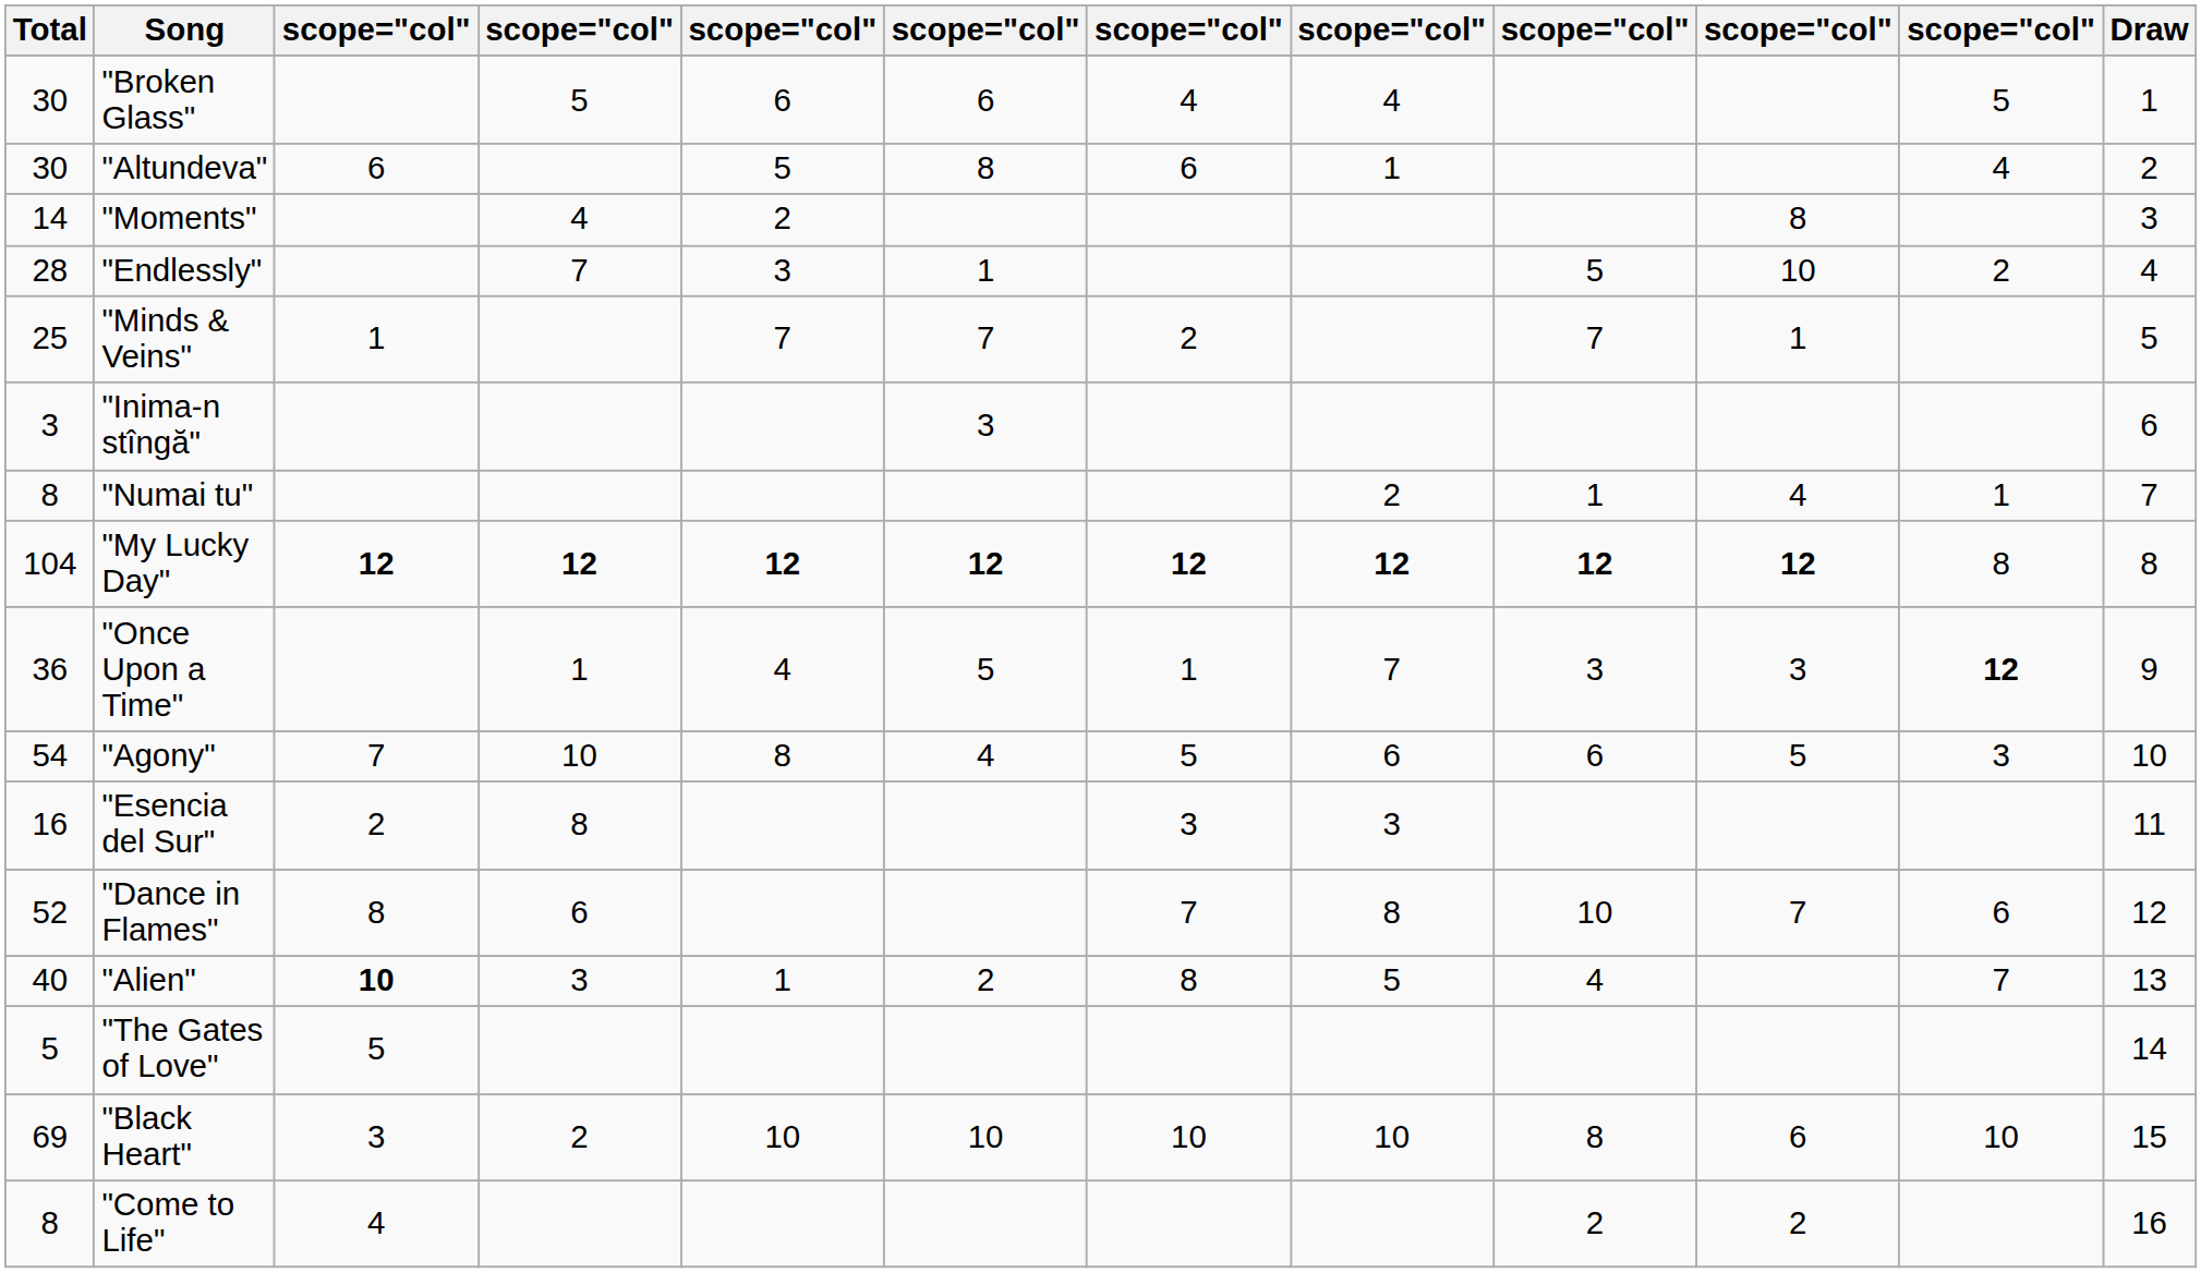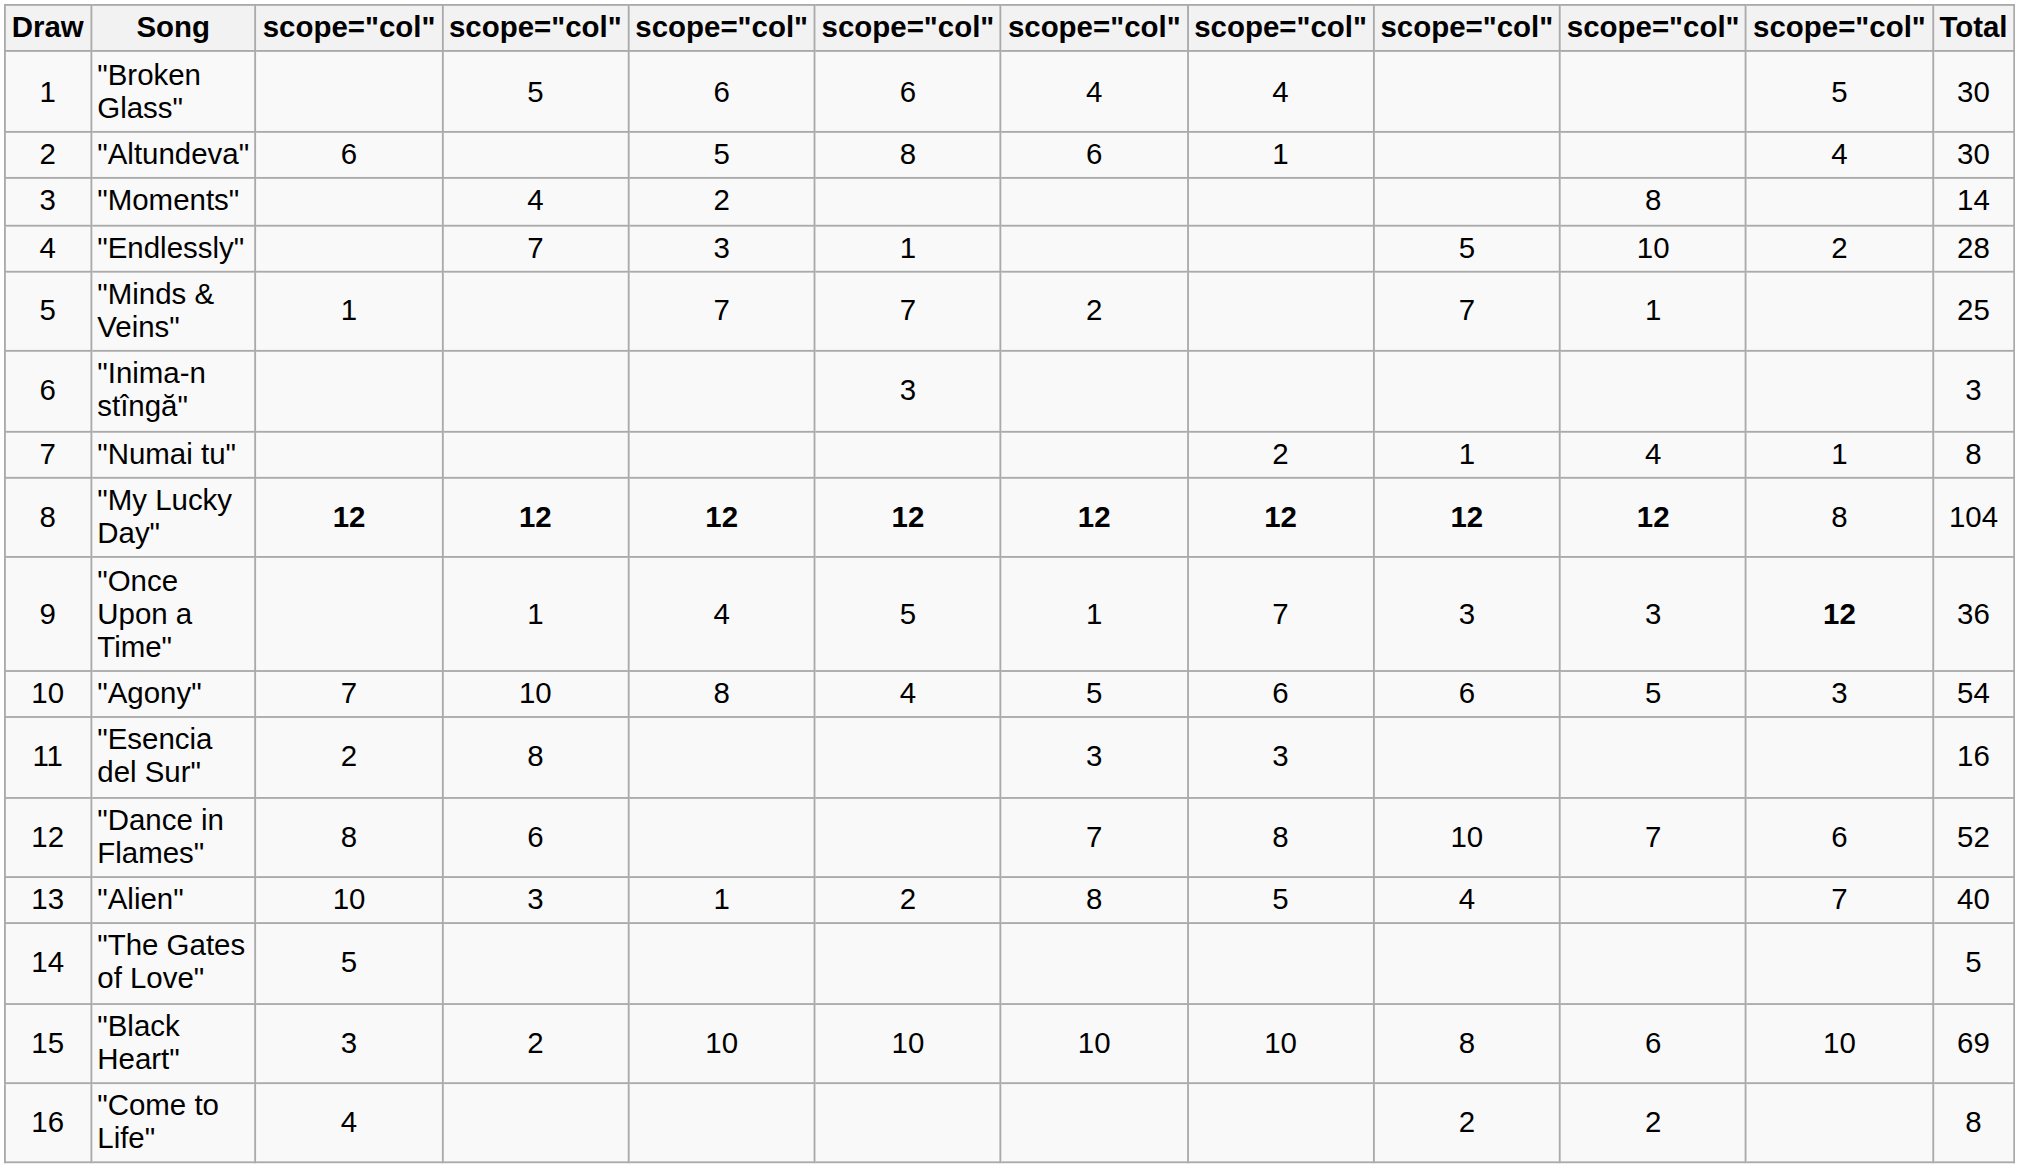 <table class="wikitable collapsible" style="margin: 1em auto 1em auto; text-align:center;">
 <tr>
-<th>Total</th>
+<th>Draw</th>
 <th>Song</th>
 <th>scope="col" </th>
 <th>scope="col" </th>
 <th>scope="col" </th>
 <th>scope="col" </th>
 <th>scope="col" </th>
 <th>scope="col" </th>
 <th>scope="col" </th>
 <th>scope="col" </th>
 <th>scope="col" </th>
-<th>Draw</th>
+<th>Total</th>
 </tr>
 <tr>
-<td>30</td>
+<td>1</td>
 <td align="left">"Broken Glass"</td>
 <td></td>
 <td>5</td>
 <td>6</td>
 <td>6</td>
 <td>4</td>
 <td>4</td>
 <td></td>
 <td></td>
 <td>5</td>
-<td>1</td>
+<td>30</td>
 </tr>
 <tr>
-<td>30</td>
+<td>2</td>
 <td align="left">"Altundeva"</td>
 <td>6</td>
 <td></td>
 <td>5</td>
 <td>8</td>
 <td>6</td>
 <td>1</td>
 <td></td>
 <td></td>
 <td>4</td>
-<td>2</td>
+<td>30</td>
 </tr>
 <tr>
-<td>14</td>
+<td>3</td>
 <td align="left">"Moments"</td>
 <td></td>
 <td>4</td>
 <td>2</td>
 <td></td>
 <td></td>
 <td></td>
 <td></td>
 <td>8</td>
 <td></td>
-<td>3</td>
+<td>14</td>
 </tr>
 <tr>
-<td>28</td>
+<td>4</td>
 <td align="left">"Endlessly"</td>
 <td></td>
 <td>7</td>
 <td>3</td>
 <td>1</td>
 <td></td>
 <td></td>
 <td>5</td>
 <td>10</td>
 <td>2</td>
-<td>4</td>
+<td>28</td>
 </tr>
 <tr>
-<td>25</td>
+<td>5</td>
 <td align="left">"Minds & Veins"</td>
 <td>1</td>
 <td></td>
 <td>7</td>
 <td>7</td>
 <td>2</td>
 <td></td>
 <td>7</td>
 <td>1</td>
 <td></td>
-<td>5</td>
+<td>25</td>
 </tr>
 <tr>
-<td>3</td>
+<td>6</td>
 <td align="left">"Inima-n stîngă"</td>
 <td></td>
 <td></td>
 <td></td>
 <td>3</td>
 <td></td>
 <td></td>
 <td></td>
 <td></td>
 <td></td>
-<td>6</td>
+<td>3</td>
 </tr>
 <tr>
-<td>8</td>
+<td>7</td>
 <td align="left">"Numai tu"</td>
 <td></td>
 <td></td>
 <td></td>
 <td></td>
 <td></td>
 <td>2</td>
 <td>1</td>
 <td>4</td>
 <td>1</td>
-<td>7</td>
+<td>8</td>
 </tr>
 <tr>
-<td>104</td>
+<td>8</td>
 <td align="left">"My Lucky Day"</td>
 <td><strong>12</strong></td>
 <td><strong>12</strong></td>
 <td><strong>12</strong></td>
 <td><strong>12</strong></td>
 <td><strong>12</strong></td>
 <td><strong>12</strong></td>
 <td><strong>12</strong></td>
 <td><strong>12</strong></td>
 <td>8</td>
-<td>8</td>
+<td>104</td>
 </tr>
 <tr>
-<td>36</td>
+<td>9</td>
 <td align="left">"Once Upon a Time"</td>
 <td></td>
 <td>1</td>
 <td>4</td>
 <td>5</td>
 <td>1</td>
 <td>7</td>
 <td>3</td>
 <td>3</td>
 <td><strong>12</strong></td>
-<td>9</td>
+<td>36</td>
 </tr>
 <tr>
-<td>54</td>
+<td>10</td>
 <td align="left">"Agony"</td>
 <td>7</td>
 <td>10</td>
 <td>8</td>
 <td>4</td>
 <td>5</td>
 <td>6</td>
 <td>6</td>
 <td>5</td>
 <td>3</td>
-<td>10</td>
+<td>54</td>
 </tr>
 <tr>
-<td>16</td>
+<td>11</td>
 <td align="left">"Esencia del Sur"</td>
 <td>2</td>
 <td>8</td>
 <td></td>
 <td></td>
 <td>3</td>
 <td>3</td>
 <td></td>
 <td></td>
 <td></td>
-<td>11</td>
+<td>16</td>
 </tr>
 <tr>
-<td>52</td>
+<td>12</td>
 <td align="left">"Dance in Flames"</td>
 <td>8</td>
 <td>6</td>
 <td></td>
 <td></td>
 <td>7</td>
 <td>8</td>
 <td>10</td>
 <td>7</td>
 <td>6</td>
-<td>12</td>
+<td>52</td>
 </tr>
 <tr>
-<td>40</td>
+<td>13</td>
 <td align="left">"Alien"</td>
-<td><strong>10</strong></td>
+<td>10</td>
 <td>3</td>
 <td>1</td>
 <td>2</td>
 <td>8</td>
 <td>5</td>
 <td>4</td>
 <td></td>
 <td>7</td>
-<td>13</td>
+<td>40</td>
 </tr>
 <tr>
-<td>5</td>
+<td>14</td>
 <td align="left">"The Gates of Love"</td>
 <td>5</td>
 <td></td>
 <td></td>
 <td></td>
 <td></td>
 <td></td>
 <td></td>
 <td></td>
 <td></td>
-<td>14</td>
+<td>5</td>
 </tr>
 <tr>
-<td>69</td>
+<td>15</td>
 <td align="left">"Black Heart"</td>
 <td>3</td>
 <td>2</td>
 <td>10</td>
 <td>10</td>
 <td>10</td>
 <td>10</td>
 <td>8</td>
 <td>6</td>
 <td>10</td>
-<td>15</td>
+<td>69</td>
 </tr>
 <tr>
-<td>8</td>
+<td>16</td>
 <td align="left">"Come to Life"</td>
 <td>4</td>
 <td></td>
 <td></td>
 <td></td>
 <td></td>
 <td></td>
 <td>2</td>
 <td>2</td>
 <td></td>
-<td>16</td>
+<td>8</td>
 </tr>
 </table>
